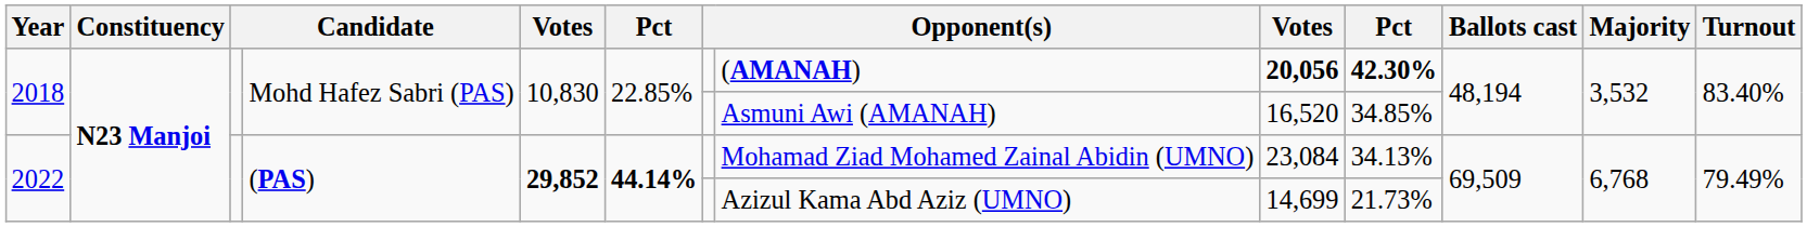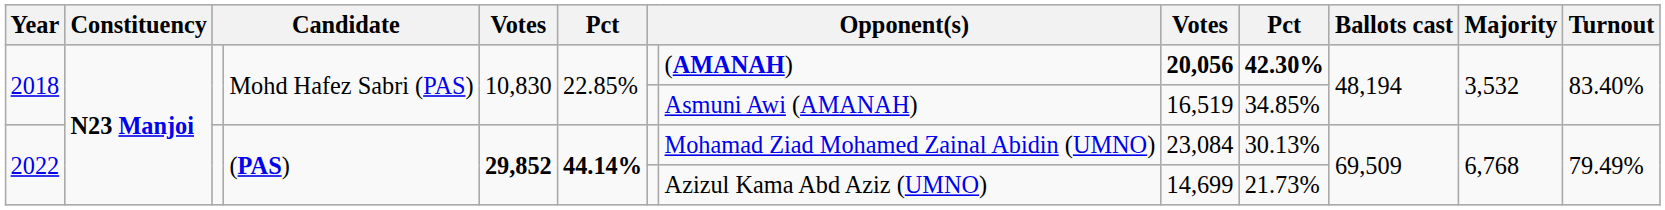 <table class="wikitable" style="margin:0.5em ; font-size:95%">
 <tr>
 <th>Year</th>
 <th>Constituency</th>
 <th colspan=2>Candidate</th>
 <th>Votes</th>
 <th>Pct</th>
 <th colspan=2>Opponent(s)</th>
 <th>Votes</th>
 <th>Pct</th>
 <th>Ballots cast</th>
 <th>Majority</th>
 <th>Turnout</th>
 </tr>
 <tr>
 <td rowspan=2><a href='#'>2018</a></td>
 <td rowspan=4><strong>N23 <a href='#'>Manjoi</a></strong></td>
 <td rowspan=2 ></td>
 <td rowspan=2>Mohd Hafez Sabri (<a href='#'>PAS</a>)</td>
 <td rowspan=2 align="right">10,830</td>
 <td rowspan=2>22.85%</td>
 <td></td>
 <td> (<a href='#'><strong>AMANAH</strong></a>)</td>
 <td align="right"><strong>20,056</strong></td>
 <td><strong>42.30%</strong></td>
 <td rowspan=2>48,194</td>
 <td rowspan=2>3,532</td>
 <td rowspan=2>83.40%</td>
 </tr>
 <tr>
 <td></td>
 <td><a href='#'>Asmuni Awi</a> (<a href='#'>AMANAH</a>)</td>
-<td align="right">16,520</td>
+<td align="right">16,519</td>
 <td>34.85%</td>
 </tr>
 <tr>
 <td rowspan=2><a href='#'>2022</a></td>
 <td rowspan=2 bgcolor=></td>
 <td rowspan=2> (<a href='#'><strong>PAS</strong></a>)</td>
 <td rowspan=2 align="right"><strong>29,852</strong></td>
 <td rowspan=2><strong>44.14%</strong></td>
 <td></td>
 <td><a href='#'>Mohamad Ziad Mohamed Zainal Abidin</a> (<a href='#'>UMNO</a>)</td>
 <td align="right">23,084</td>
-<td>34.13%</td>
+<td>30.13%</td>
 <td rowspan=2>69,509</td>
 <td rowspan=2>6,768</td>
 <td rowspan=2>79.49%</td>
 </tr>
 <tr>
 <td></td>
 <td>Azizul Kama Abd Aziz (<a href='#'>UMNO</a>)</td>
 <td align="right">14,699</td>
 <td>21.73%</td>
 </tr>
 </table>
